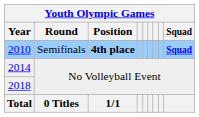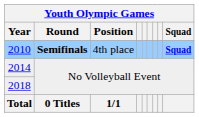 <table class="wikitable" style="text-align: center;">
 <tr>
 <th colspan=9><a href='#'>Youth Olympic Games</a></th>
 </tr>
 <tr>
 <th>Year</th>
 <th>Round</th>
 <th>Position</th>
 <th></th>
 <th></th>
 <th></th>
 <th></th>
 <th></th>
 <th><small>Squad</small></th>
 </tr>
 <tr bgcolor=9acdff>
 <td> <a href='#'>2010</a></td>
-<td>Semifinals</td>
-<td><strong>4th place</strong></td>
+<td><strong>Semifinals</strong></td>
+<td>4th place</td>
 <td></td>
 <td></td>
 <td></td>
 <td></td>
 <td></td>
 <td><strong><small><a href='#'>Squad</a></small></strong></td>
 </tr>
 <tr bgcolor="efefef">
 <td> <a href='#'>2014</a></td>
 <td colspan=9 rowspan="2" align=center>No Volleyball Event</td>
 </tr>
 <tr bgcolor="efefef">
 <td> <a href='#'>2018</a></td>
 </tr>
 <tr>
 <th>Total</th>
 <th>0 Titles</th>
 <th>1/1</th>
 <th></th>
 <th></th>
 <th></th>
 <th></th>
 <th></th>
 <th></th>
 </tr>
 </table>
